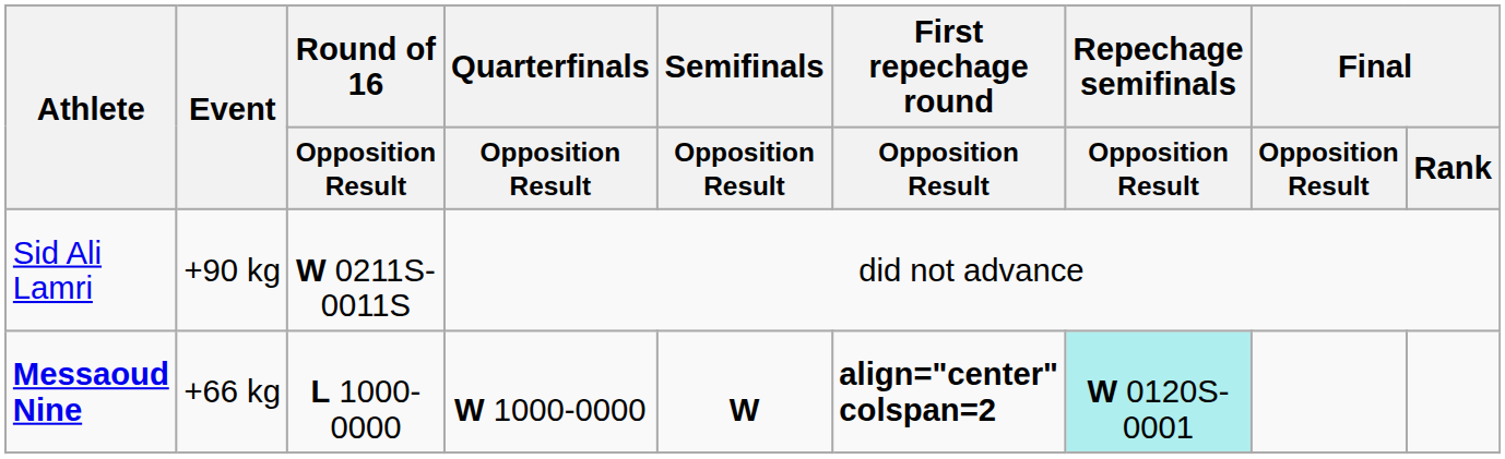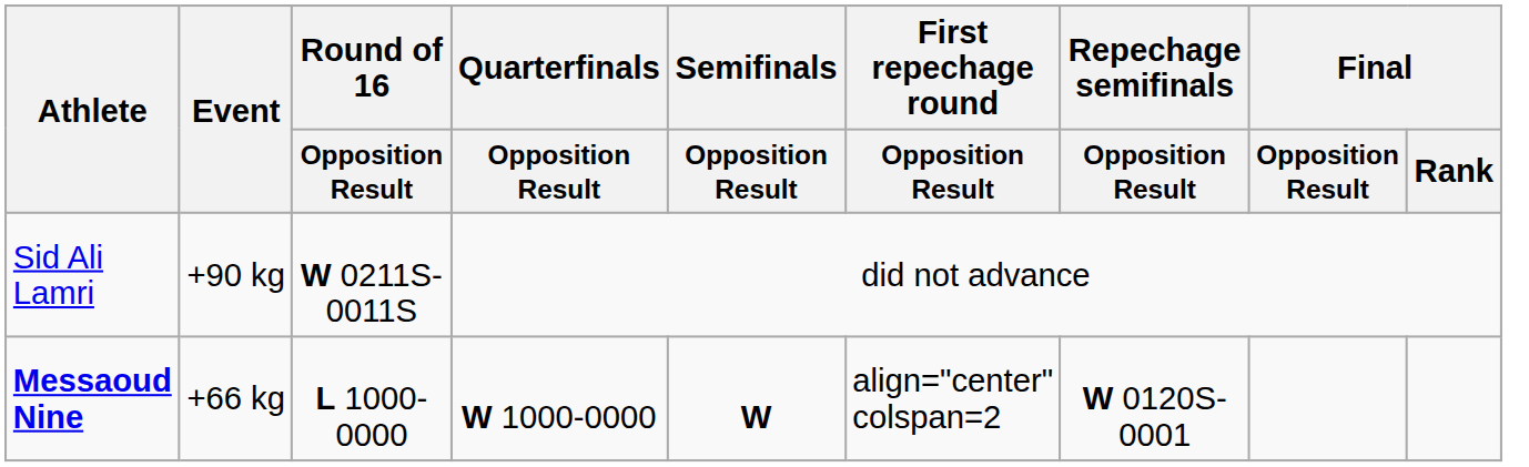 <table class="wikitable" style="font-size:90%">
 <tr>
 <th rowspan="2">Athlete</th>
 <th rowspan="2">Event</th>
 <th>Round of 16</th>
 <th>Quarterfinals</th>
 <th>Semifinals</th>
 <th>First repechage <br>round</th>
 <th>Repechage <br>semifinals</th>
 <th colspan="2">Final</th>
 </tr>
 <tr>
 <th style="line-height:1em"><small>Opposition<br>Result</small></th>
 <th style="line-height:1em"><small>Opposition<br>Result</small></th>
 <th style="line-height:1em"><small>Opposition<br>Result</small></th>
 <th style="line-height:1em"><small>Opposition<br>Result</small></th>
 <th style="line-height:1em"><small>Opposition<br>Result</small></th>
 <th style="line-height:1em"><small>Opposition<br>Result</small></th>
 <th style="line-height:1em">Rank</th>
 </tr>
 <tr>
 <td><a href='#'>Sid Ali Lamri</a></td>
 <td>+90 kg</td>
 <td align=center><br><strong>W</strong> 0211S-0011S</td>
 <td align=center colspan=6>did not advance</td>
 </tr>
 <tr>
 <td><strong><a href='#'>Messaoud Nine</a></strong></td>
 <td>+66 kg</td>
 <td align=center><br><strong>L</strong> 1000-0000</td>
 <td align=center><br><strong>W</strong> 1000-0000</td>
 <td align=center><br><strong>W</strong></td>
-<td><strong>align="center" colspan=2 </strong></td>
-<td align=center style="background: paleturquoise;"><br><strong>W</strong> 0120S-0001</td>
+<td>align="center" colspan=2 </td>
+<td align=center><br><strong>W</strong> 0120S-0001</td>
 <td align=center></td>
 </tr>
 </table>
